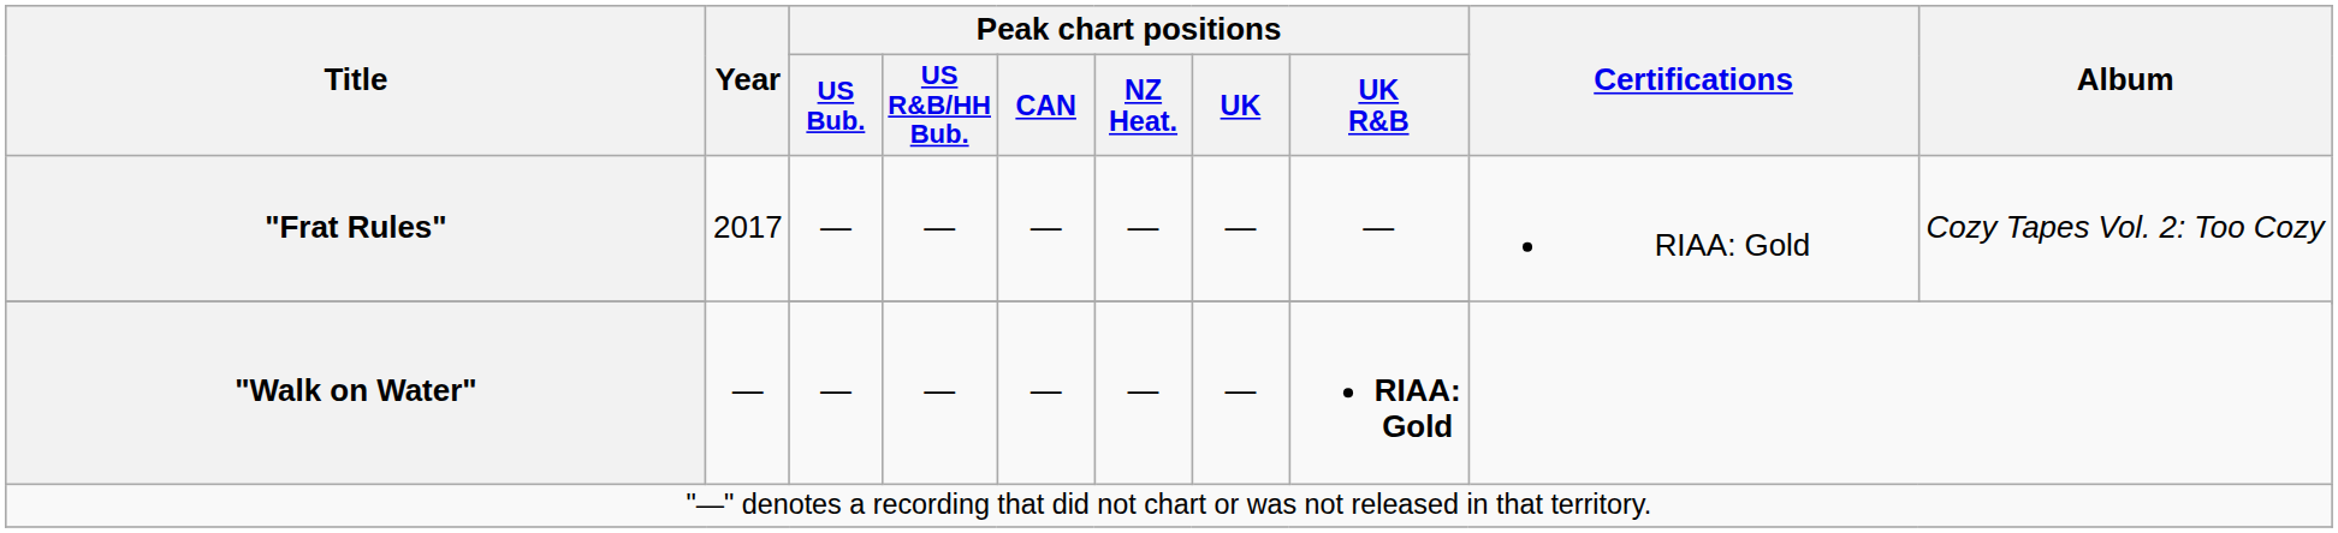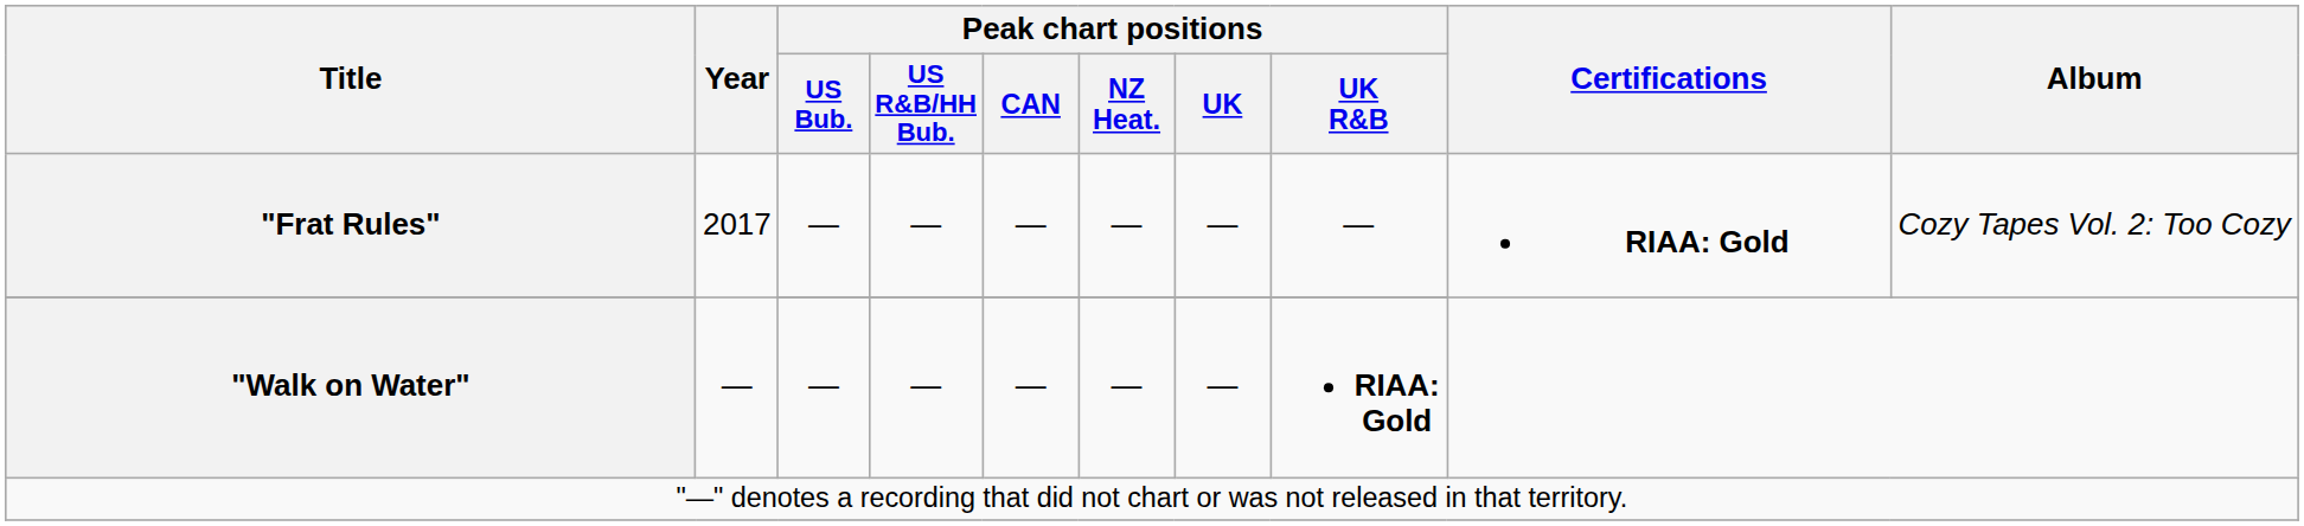 <table class="wikitable plainrowheaders" style="text-align:center;">
 <tr>
 <th rowspan="2" scope="col" style="width:22em;">Title</th>
 <th rowspan="2" scope="col" style="width:1em;">Year</th>
 <th colspan="6" scope="col">Peak chart positions</th>
 <th scope="col" rowspan="2" style="width:14em;"><a href='#'>Certifications</a></th>
 <th rowspan="2" scope="col">Album</th>
 </tr>
 <tr>
 <th scope="col" style="width:3em;font-size:85%;"><a href='#'>US<br>Bub.</a><br></th>
 <th scope="col" style="width:3em;font-size:85%;"><a href='#'>US<br>R&B/HH<br>Bub.</a><br></th>
 <th scope="col" style="width:3em;font-size:90%;"><a href='#'>CAN</a><br></th>
 <th scope="col" style="width:3em;font-size:90%;"><a href='#'>NZ Heat.</a><br></th>
 <th style="width:3em;font-size:90%;"><a href='#'>UK</a></th>
 <th style="width:3em;font-size:90%;"><a href='#'>UK<br>R&B</a></th>
 </tr>
 <tr>
 <th scope="row">"Frat Rules"<br></th>
 <td rowspan="2">2017</td>
 <td>—</td>
 <td>—</td>
 <td>—</td>
 <td>—</td>
 <td>—</td>
 <td>—</td>
-<td><br><ul><li>RIAA: Gold</li></ul></td>
+<td><strong><br><ul><li>RIAA: Gold</li></ul></strong></td>
 <td rowspan="2"><em>Cozy Tapes Vol. 2: Too Cozy</em></td>
 </tr>
 <tr>
 </tr>
 <tr>
 <th scope="row">"Walk on Water"<br></th>
 <td>—</td>
 <td>—</td>
 <td>—</td>
 <td>—</td>
 <td>—</td>
 <td>—</td>
 <td><strong><br><ul><li>RIAA: Gold</li></ul></strong></td>
 </tr>
 <tr>
 <td colspan="10" style="font-size:90%">"—" denotes a recording that did not chart or was not released in that territory.</td>
 </tr>
 </table>
